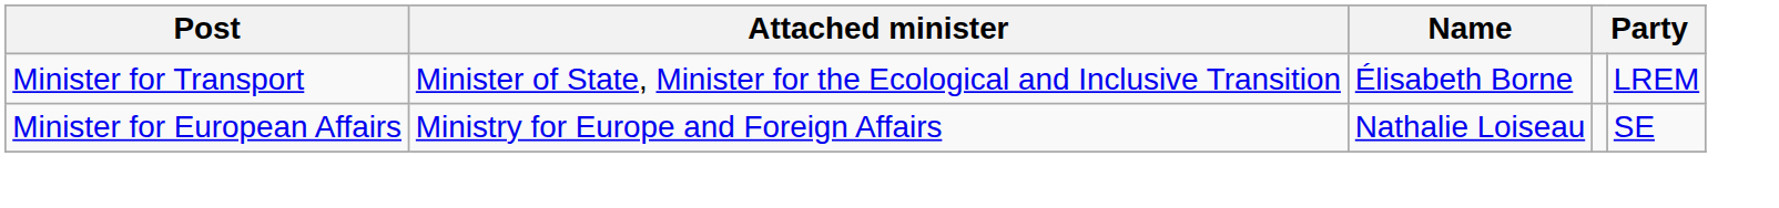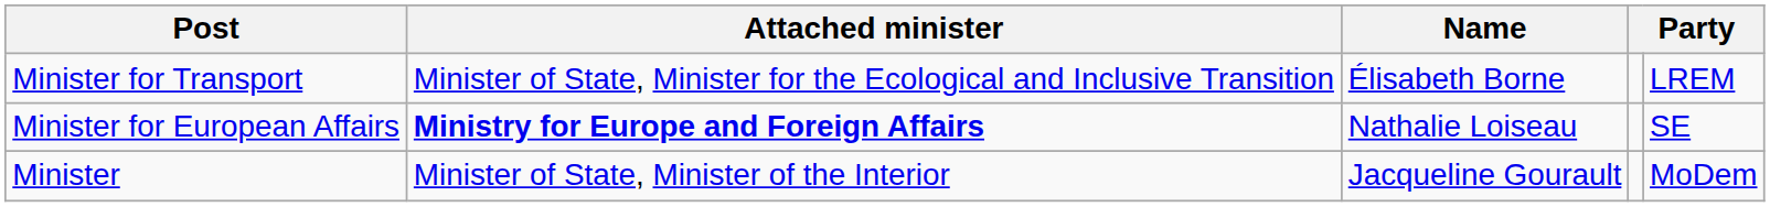 <table class="wikitable">
 <tr>
 <th scope="col">Post</th>
 <th scope="col">Attached minister</th>
 <th scope="col">Name</th>
 <th colspan="2" scope="col">Party</th>
 </tr>
 <tr>
 <td><a href='#'>Minister for Transport</a></td>
 <td><a href='#'>Minister of State</a>, <a href='#'>Minister for the Ecological and Inclusive Transition</a></td>
 <td><a href='#'>Élisabeth Borne</a></td>
 <td style="background:"></td>
 <td><a href='#'>LREM</a></td>
 </tr>
 <tr>
 <td><a href='#'>Minister for European Affairs</a></td>
-<td><a href='#'>Ministry for Europe and Foreign Affairs</a></td>
+<td><strong><a href='#'>Ministry for Europe and Foreign Affairs</a></strong></td>
 <td><a href='#'>Nathalie Loiseau</a></td>
 <td style="background:"></td>
 <td><a href='#'>SE</a></td>
 </tr>
+<tr>
+<td><a href='#'>Minister</a></td>
+<td><a href='#'>Minister of State</a>, <a href='#'>Minister of the Interior</a></td>
+<td><a href='#'>Jacqueline Gourault</a></td>
+<td style="background:"></td>
+<td><a href='#'>MoDem</a></td>
+</tr>
 </table>
